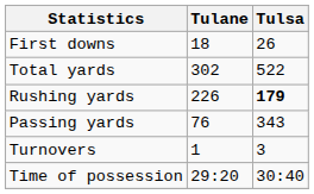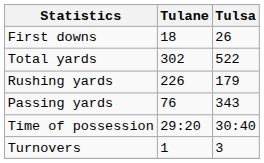 <table class="wikitable">
 <tr>
 <th>Statistics</th>
 <th>Tulane</th>
 <th>Tulsa</th>
 </tr>
 <tr>
 <td>First downs</td>
 <td>18</td>
 <td>26</td>
 </tr>
 <tr>
 <td>Total yards</td>
 <td>302</td>
 <td>522</td>
 </tr>
 <tr>
 <td>Rushing yards</td>
 <td>226</td>
-<td><strong>179</strong></td>
+<td>179</td>
 </tr>
 <tr>
 <td>Passing yards</td>
 <td>76</td>
 <td>343</td>
 </tr>
 <tr>
+<td>Time of possession</td>
+<td>29:20</td>
+<td>30:40</td>
+</tr>
+<tr>
 <td>Turnovers</td>
 <td>1</td>
 <td>3</td>
 </tr>
 <tr>
-<td>Time of possession</td>
-<td>29:20</td>
-<td>30:40</td>
-</tr>
-<tr>
 </tr>
 </table>
